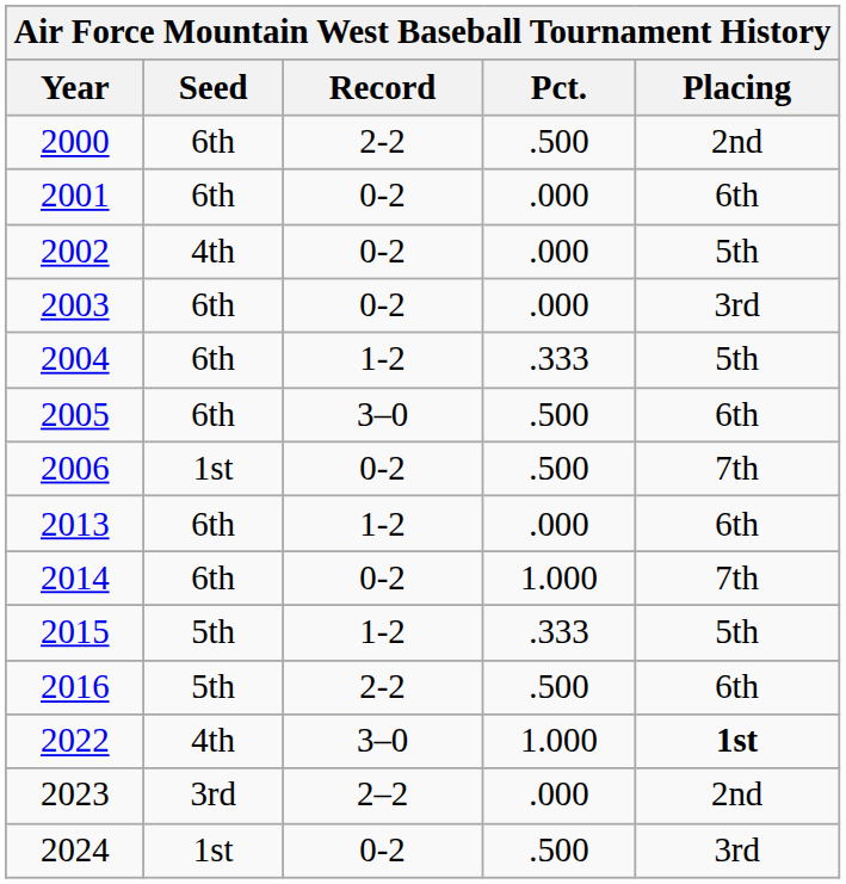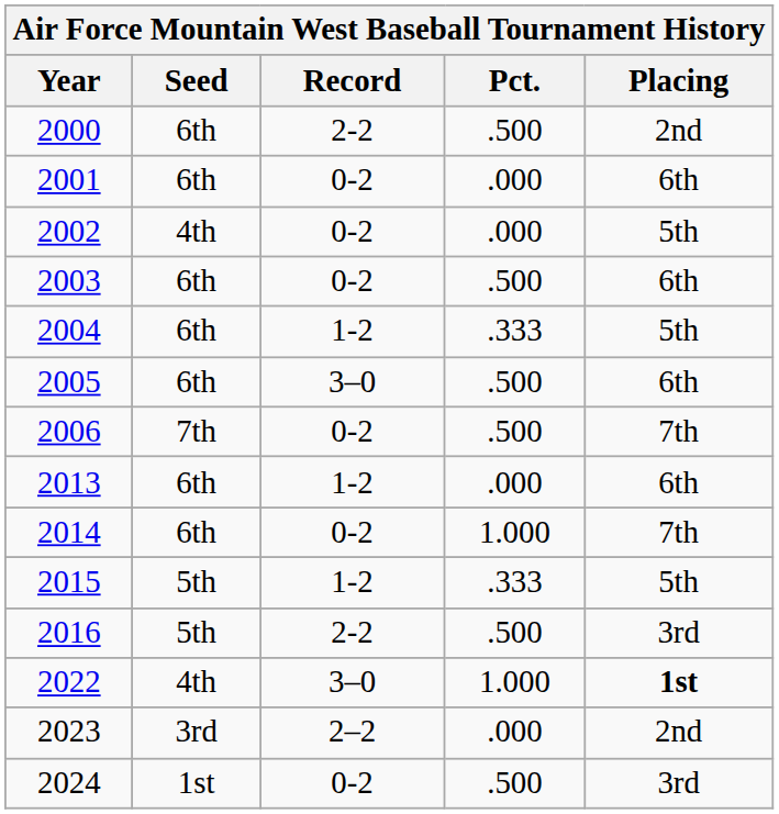 <table class="wikitable" style="text-align:center">
 <tr>
 <th colspan=5>Air Force Mountain West Baseball Tournament History</th>
 </tr>
 <tr>
 <th>Year</th>
 <th>Seed</th>
 <th>Record</th>
 <th>Pct.</th>
 <th>Placing</th>
 </tr>
 <tr>
 <td><a href='#'>2000</a></td>
 <td>6th</td>
 <td>2-2</td>
 <td>.500</td>
 <td>2nd</td>
 </tr>
 <tr>
 <td><a href='#'>2001</a></td>
 <td>6th</td>
 <td>0-2</td>
 <td>.000</td>
 <td>6th</td>
 </tr>
 <tr>
 <td><a href='#'>2002</a></td>
 <td>4th</td>
 <td>0-2</td>
 <td>.000</td>
 <td>5th</td>
 </tr>
 <tr>
 <td><a href='#'>2003</a></td>
 <td>6th</td>
 <td>0-2</td>
-<td>.000</td>
-<td>3rd</td>
+<td>.500</td>
+<td>6th</td>
 </tr>
 <tr>
 <td><a href='#'>2004</a></td>
 <td>6th</td>
 <td>1-2</td>
 <td>.333</td>
 <td>5th</td>
 </tr>
 <tr>
 <td><a href='#'>2005</a></td>
 <td>6th</td>
 <td>3–0</td>
 <td>.500</td>
 <td>6th</td>
 </tr>
 <tr>
 <td><a href='#'>2006</a></td>
-<td>1st</td>
+<td>7th</td>
 <td>0-2</td>
 <td>.500</td>
 <td>7th</td>
 </tr>
 <tr>
 <td><a href='#'>2013</a></td>
 <td>6th</td>
 <td>1-2</td>
 <td>.000</td>
 <td>6th</td>
 </tr>
 <tr>
 <td><a href='#'>2014</a></td>
 <td>6th</td>
 <td>0-2</td>
 <td>1.000</td>
 <td>7th</td>
 </tr>
 <tr>
 <td><a href='#'>2015</a></td>
 <td>5th</td>
 <td>1-2</td>
 <td>.333</td>
 <td>5th</td>
 </tr>
 <tr>
 <td><a href='#'>2016</a></td>
 <td>5th</td>
 <td>2-2</td>
 <td>.500</td>
-<td>6th</td>
+<td>3rd</td>
 </tr>
 <tr>
 <td><a href='#'>2022</a></td>
 <td>4th</td>
 <td>3–0</td>
 <td>1.000</td>
 <td><strong>1st</strong></td>
 </tr>
 <tr>
 <td>2023</td>
 <td>3rd</td>
 <td>2–2</td>
 <td>.000</td>
 <td>2nd</td>
 </tr>
 <tr>
 <td>2024</td>
 <td>1st</td>
 <td>0-2</td>
 <td>.500</td>
 <td>3rd</td>
 </tr>
 </table>
